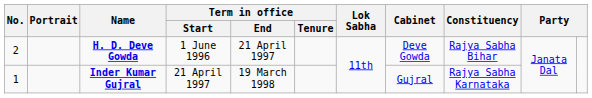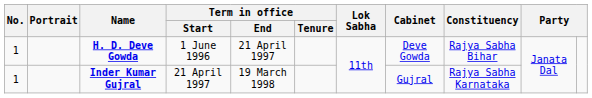 <table class="wikitable sortable" style="text-align:center;width:60%;margin-top:0.5em;">
 <tr>
 <th rowspan="2">No.</th>
 <th rowspan="2">Portrait</th>
 <th rowspan="2">Name</th>
 <th colspan="3">Term in office</th>
 <th rowspan="2">Lok Sabha</th>
 <th rowspan="2">Cabinet</th>
 <th rowspan="2">Constituency</th>
 <th rowspan=2 colspan="2">Party</th>
 </tr>
 <tr>
 <th>Start</th>
 <th>End</th>
 <th>Tenure</th>
 </tr>
 <tr style="vertical-align: middle; text-align: center;">
-<td>2</td>
+<td>1</td>
 <td></td>
 <td><strong><a href='#'>H. D. Deve Gowda</a></strong></td>
 <td>1 June 1996</td>
 <td>21 April 1997</td>
 <td></td>
 <td rowspan="2"><a href='#'>11th</a></td>
 <td><a href='#'>Deve Gowda</a></td>
 <td><a href='#'>Rajya Sabha</a><br> <a href='#'>Bihar</a></td>
 <td rowspan="2"><a href='#'>Janata Dal</a></td>
 <td rowspan="2" style="background:"> </td>
 </tr>
 <tr style="vertical-align: middle; text-align: center;">
 <td>1</td>
 <td></td>
 <td><strong><a href='#'>Inder Kumar Gujral</a></strong></td>
 <td>21 April 1997</td>
 <td>19 March 1998</td>
 <td></td>
 <td><a href='#'>Gujral</a></td>
 <td><a href='#'>Rajya Sabha</a><br><a href='#'>Karnataka</a></td>
 </tr>
 </table>
